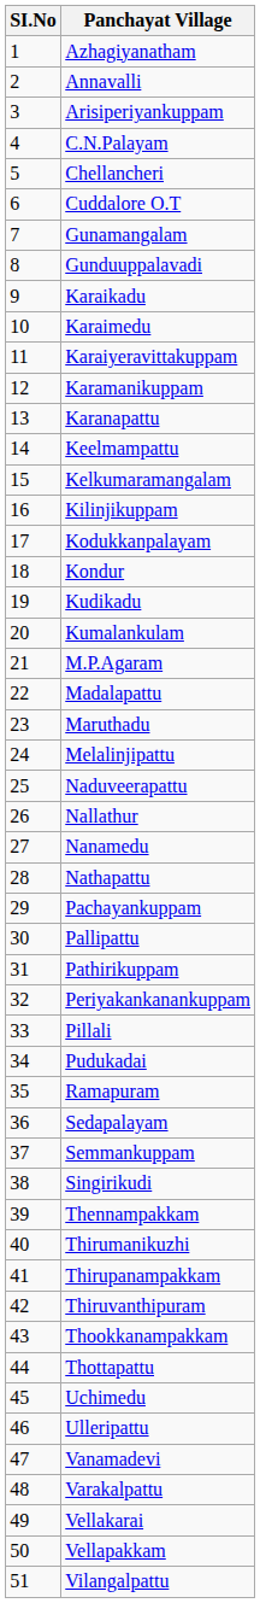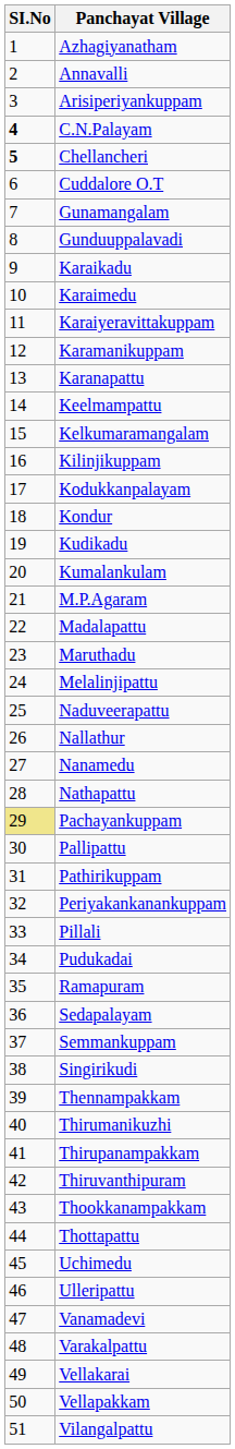 <table class="wikitable sortable">
 <tr>
 <th>SI.No</th>
 <th>Panchayat Village</th>
 </tr>
 <tr>
 <td>1</td>
 <td><a href='#'>Azhagiyanatham</a></td>
 </tr>
 <tr>
 <td>2</td>
 <td><a href='#'>Annavalli</a></td>
 </tr>
 <tr>
 <td>3</td>
 <td><a href='#'>Arisiperiyankuppam</a></td>
 </tr>
 <tr>
-<td>4</td>
+<td><strong>4</strong></td>
 <td><a href='#'>C.N.Palayam</a></td>
 </tr>
 <tr>
-<td>5</td>
+<td><strong>5</strong></td>
 <td><a href='#'>Chellancheri</a></td>
 </tr>
 <tr>
 <td>6</td>
 <td><a href='#'>Cuddalore O.T</a></td>
 </tr>
 <tr>
 <td>7</td>
 <td><a href='#'>Gunamangalam</a></td>
 </tr>
 <tr>
 <td>8</td>
 <td><a href='#'>Gunduuppalavadi</a></td>
 </tr>
 <tr>
 <td>9</td>
 <td><a href='#'>Karaikadu</a></td>
 </tr>
 <tr>
 <td>10</td>
 <td><a href='#'>Karaimedu</a></td>
 </tr>
 <tr>
 <td>11</td>
 <td><a href='#'>Karaiyeravittakuppam</a></td>
 </tr>
 <tr>
 <td>12</td>
 <td><a href='#'>Karamanikuppam</a></td>
 </tr>
 <tr>
 <td>13</td>
 <td><a href='#'>Karanapattu</a></td>
 </tr>
 <tr>
 <td>14</td>
 <td><a href='#'>Keelmampattu</a></td>
 </tr>
 <tr>
 <td>15</td>
 <td><a href='#'>Kelkumaramangalam</a></td>
 </tr>
 <tr>
 <td>16</td>
 <td><a href='#'>Kilinjikuppam</a></td>
 </tr>
 <tr>
 <td>17</td>
 <td><a href='#'>Kodukkanpalayam</a></td>
 </tr>
 <tr>
 <td>18</td>
 <td><a href='#'>Kondur</a></td>
 </tr>
 <tr>
 <td>19</td>
 <td><a href='#'>Kudikadu</a></td>
 </tr>
 <tr>
 <td>20</td>
 <td><a href='#'>Kumalankulam</a></td>
 </tr>
 <tr>
 <td>21</td>
 <td><a href='#'>M.P.Agaram</a></td>
 </tr>
 <tr>
 <td>22</td>
 <td><a href='#'>Madalapattu</a></td>
 </tr>
 <tr>
 <td>23</td>
 <td><a href='#'>Maruthadu</a></td>
 </tr>
 <tr>
 <td>24</td>
 <td><a href='#'>Melalinjipattu</a></td>
 </tr>
 <tr>
 <td>25</td>
 <td><a href='#'>Naduveerapattu</a></td>
 </tr>
 <tr>
 <td>26</td>
 <td><a href='#'>Nallathur</a></td>
 </tr>
 <tr>
 <td>27</td>
 <td><a href='#'>Nanamedu</a></td>
 </tr>
 <tr>
 <td>28</td>
 <td><a href='#'>Nathapattu</a></td>
 </tr>
 <tr>
-<td>29</td>
+<td style="background: khaki;">29</td>
 <td><a href='#'>Pachayankuppam</a></td>
 </tr>
 <tr>
 <td>30</td>
 <td><a href='#'>Pallipattu</a></td>
 </tr>
 <tr>
 <td>31</td>
 <td><a href='#'>Pathirikuppam</a></td>
 </tr>
 <tr>
 <td>32</td>
 <td><a href='#'>Periyakankanankuppam</a></td>
 </tr>
 <tr>
 <td>33</td>
 <td><a href='#'>Pillali</a></td>
 </tr>
 <tr>
 <td>34</td>
 <td><a href='#'>Pudukadai</a></td>
 </tr>
 <tr>
 <td>35</td>
 <td><a href='#'>Ramapuram</a></td>
 </tr>
 <tr>
 <td>36</td>
 <td><a href='#'>Sedapalayam</a></td>
 </tr>
 <tr>
 <td>37</td>
 <td><a href='#'>Semmankuppam</a></td>
 </tr>
 <tr>
 <td>38</td>
 <td><a href='#'>Singirikudi</a></td>
 </tr>
 <tr>
 <td>39</td>
 <td><a href='#'>Thennampakkam</a></td>
 </tr>
 <tr>
 <td>40</td>
 <td><a href='#'>Thirumanikuzhi</a></td>
 </tr>
 <tr>
 <td>41</td>
 <td><a href='#'>Thirupanampakkam</a></td>
 </tr>
 <tr>
 <td>42</td>
 <td><a href='#'>Thiruvanthipuram</a></td>
 </tr>
 <tr>
 <td>43</td>
 <td><a href='#'>Thookkanampakkam</a></td>
 </tr>
 <tr>
 <td>44</td>
 <td><a href='#'>Thottapattu</a></td>
 </tr>
 <tr>
 <td>45</td>
 <td><a href='#'>Uchimedu</a></td>
 </tr>
 <tr>
 <td>46</td>
 <td><a href='#'>Ulleripattu</a></td>
 </tr>
 <tr>
 <td>47</td>
 <td><a href='#'>Vanamadevi</a></td>
 </tr>
 <tr>
 <td>48</td>
 <td><a href='#'>Varakalpattu</a></td>
 </tr>
 <tr>
 <td>49</td>
 <td><a href='#'>Vellakarai</a></td>
 </tr>
 <tr>
 <td>50</td>
 <td><a href='#'>Vellapakkam</a></td>
 </tr>
 <tr>
 <td>51</td>
 <td><a href='#'>Vilangalpattu</a></td>
 </tr>
 </table>
